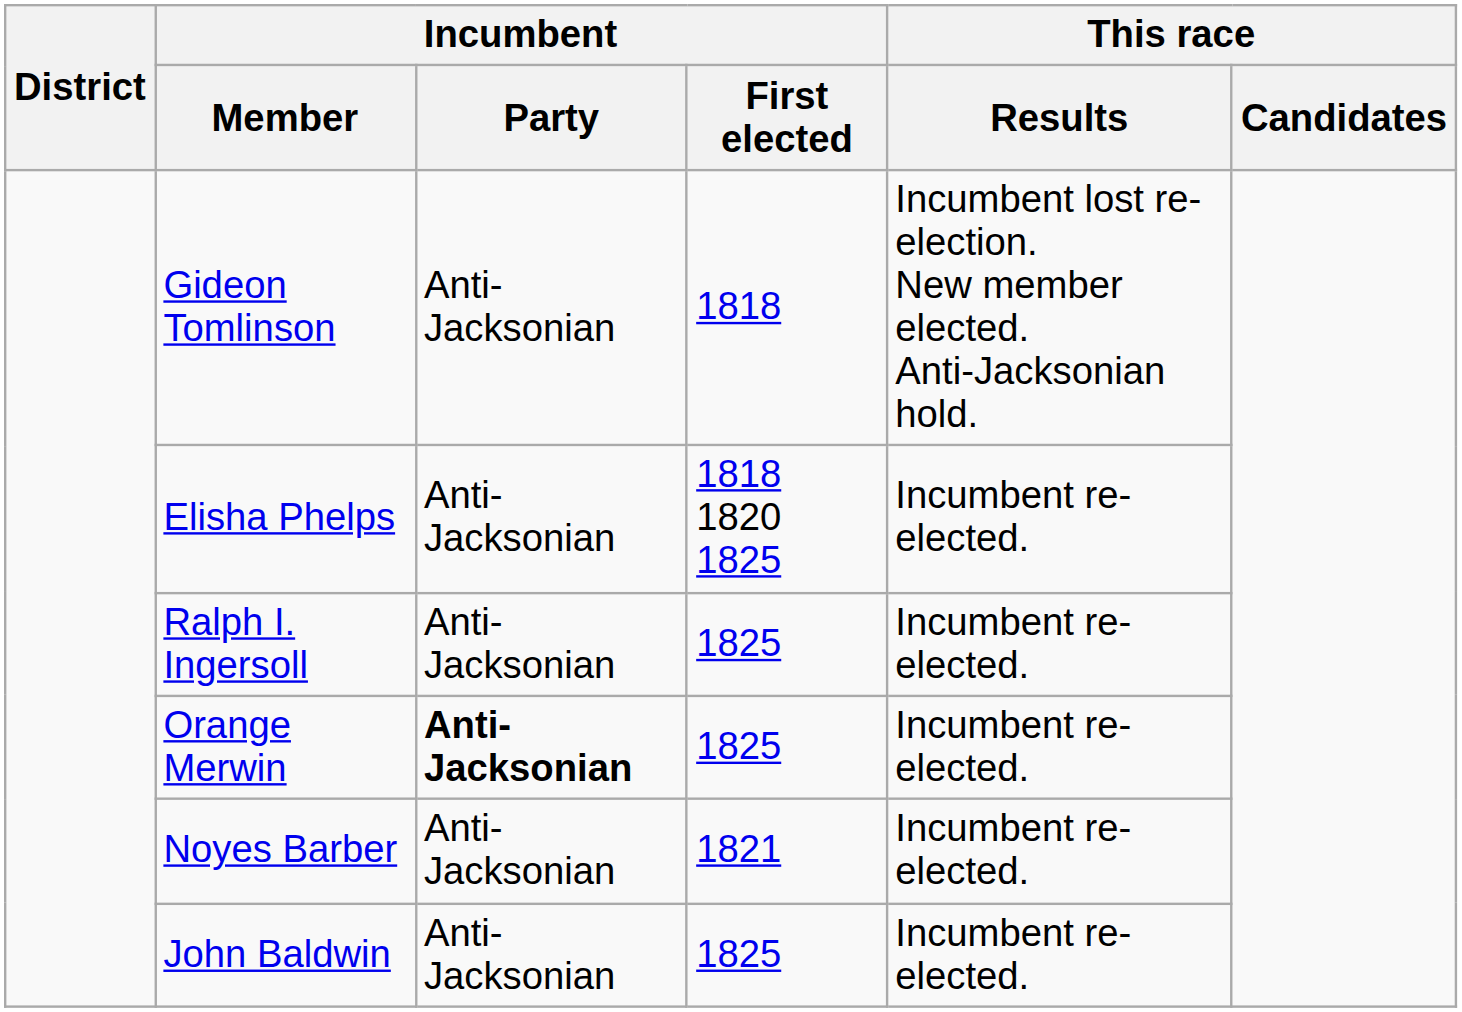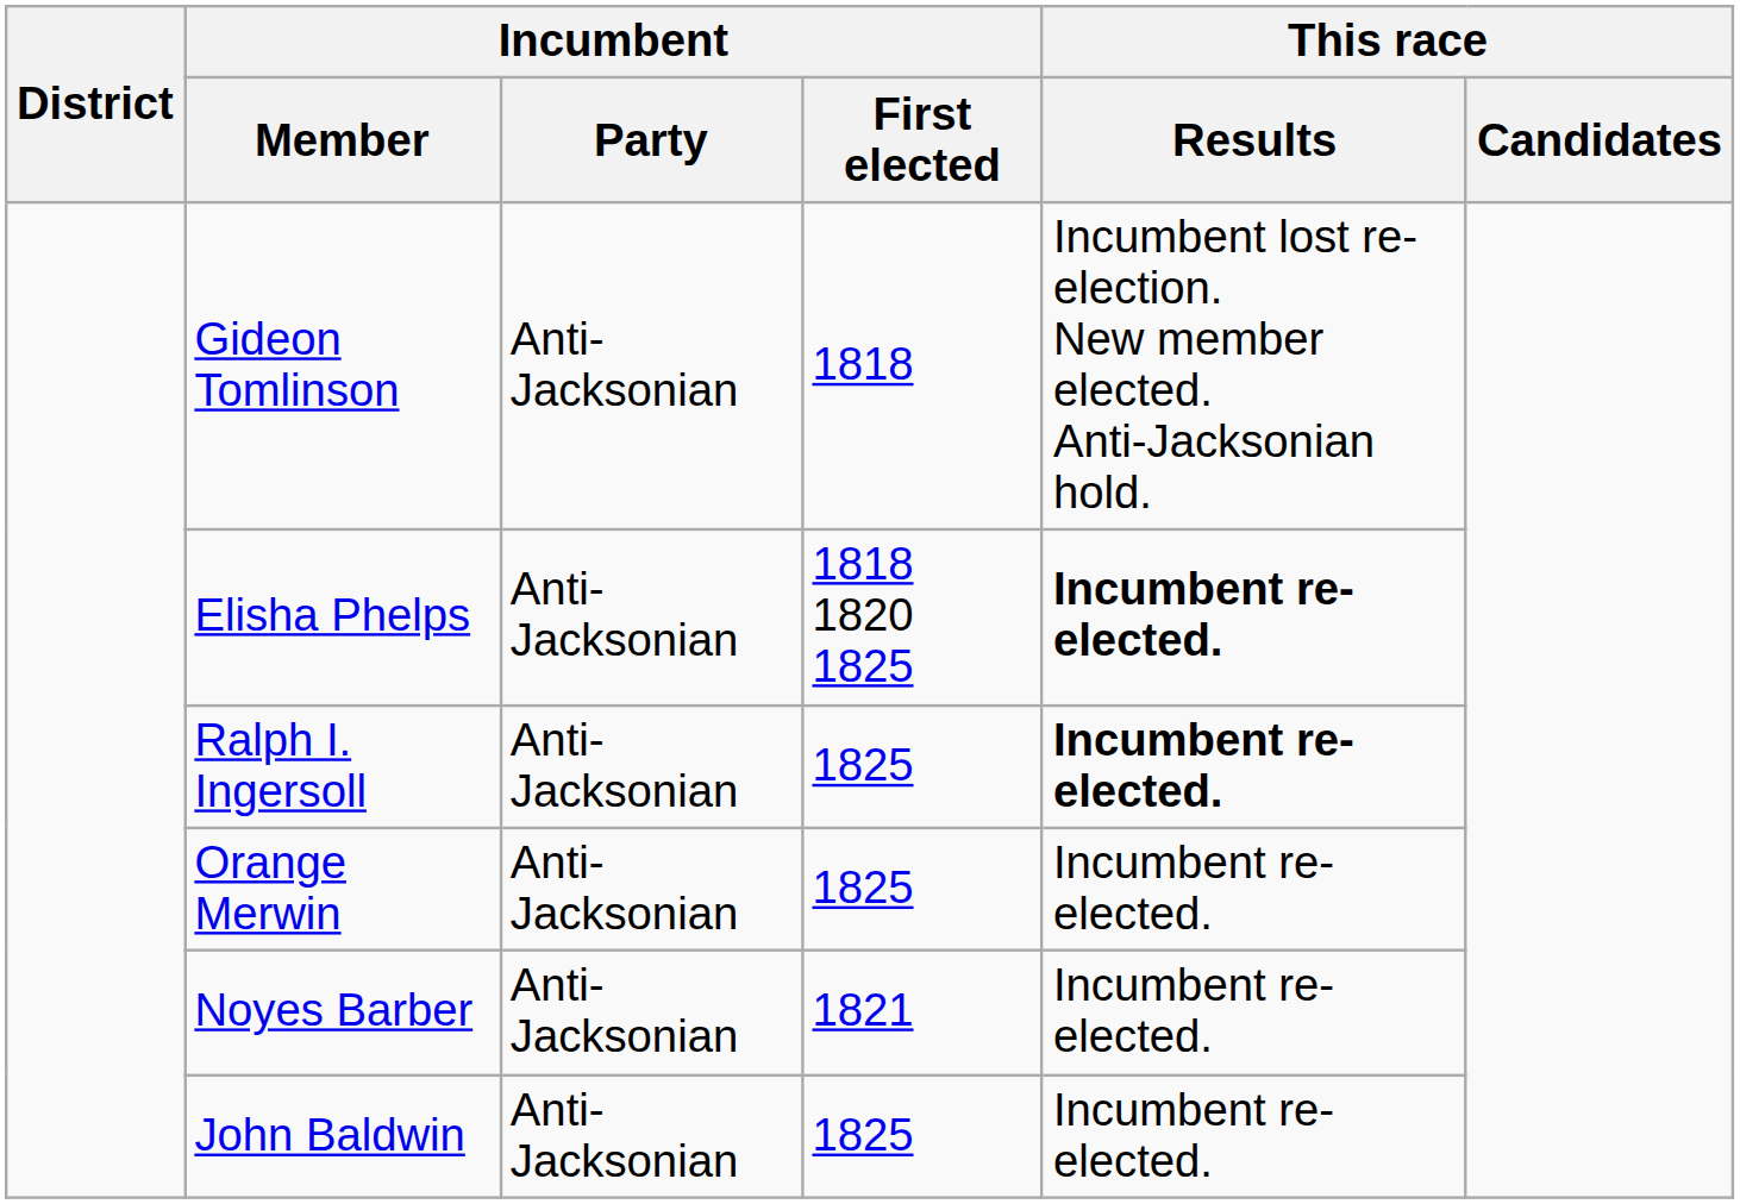 <table class=wikitable>
 <tr>
 <th rowspan=2>District</th>
 <th colspan=3>Incumbent</th>
 <th colspan=2>This race</th>
 </tr>
 <tr>
 <th>Member</th>
 <th>Party</th>
 <th>First elected</th>
 <th>Results</th>
 <th>Candidates</th>
 </tr>
 <tr>
 <td rowspan=6><br></td>
 <td><a href='#'>Gideon Tomlinson</a></td>
 <td>Anti-Jacksonian</td>
 <td><a href='#'>1818</a></td>
 <td>Incumbent lost re-election.<br>New member elected.<br>Anti-Jacksonian hold.</td>
 <td rowspan=6 nowrap></td>
 </tr>
 <tr>
 <td><a href='#'>Elisha Phelps</a></td>
 <td>Anti-Jacksonian</td>
 <td><a href='#'>1818</a><br>1820 <br><a href='#'>1825</a></td>
-<td>Incumbent re-elected.</td>
+<td><strong>Incumbent re-elected.</strong></td>
 </tr>
 <tr>
 <td><a href='#'>Ralph I. Ingersoll</a></td>
 <td>Anti-Jacksonian</td>
 <td><a href='#'>1825</a></td>
-<td>Incumbent re-elected.</td>
+<td><strong>Incumbent re-elected.</strong></td>
 </tr>
 <tr>
 <td><a href='#'>Orange Merwin</a></td>
-<td><strong>Anti-Jacksonian</strong></td>
+<td>Anti-Jacksonian</td>
 <td><a href='#'>1825</a></td>
 <td>Incumbent re-elected.</td>
 </tr>
 <tr>
 <td><a href='#'>Noyes Barber</a></td>
 <td>Anti-Jacksonian</td>
 <td><a href='#'>1821</a></td>
 <td>Incumbent re-elected.</td>
 </tr>
 <tr>
 <td><a href='#'>John Baldwin</a></td>
 <td>Anti-Jacksonian</td>
 <td><a href='#'>1825</a></td>
 <td>Incumbent re-elected.</td>
 </tr>
 </table>
